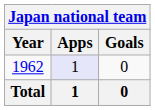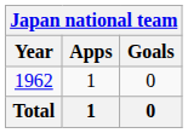 <table class="wikitable" style="text-align:center">
 <tr>
 <th colspan=3><a href='#'>Japan national team</a></th>
 </tr>
 <tr>
 <th>Year</th>
 <th>Apps</th>
 <th>Goals</th>
 </tr>
 <tr>
 <td><a href='#'>1962</a></td>
-<td style="background: lavender;">1</td>
+<td>1</td>
 <td>0</td>
 </tr>
 <tr>
 <th>Total</th>
 <th>1</th>
 <th>0</th>
 </tr>
 </table>
